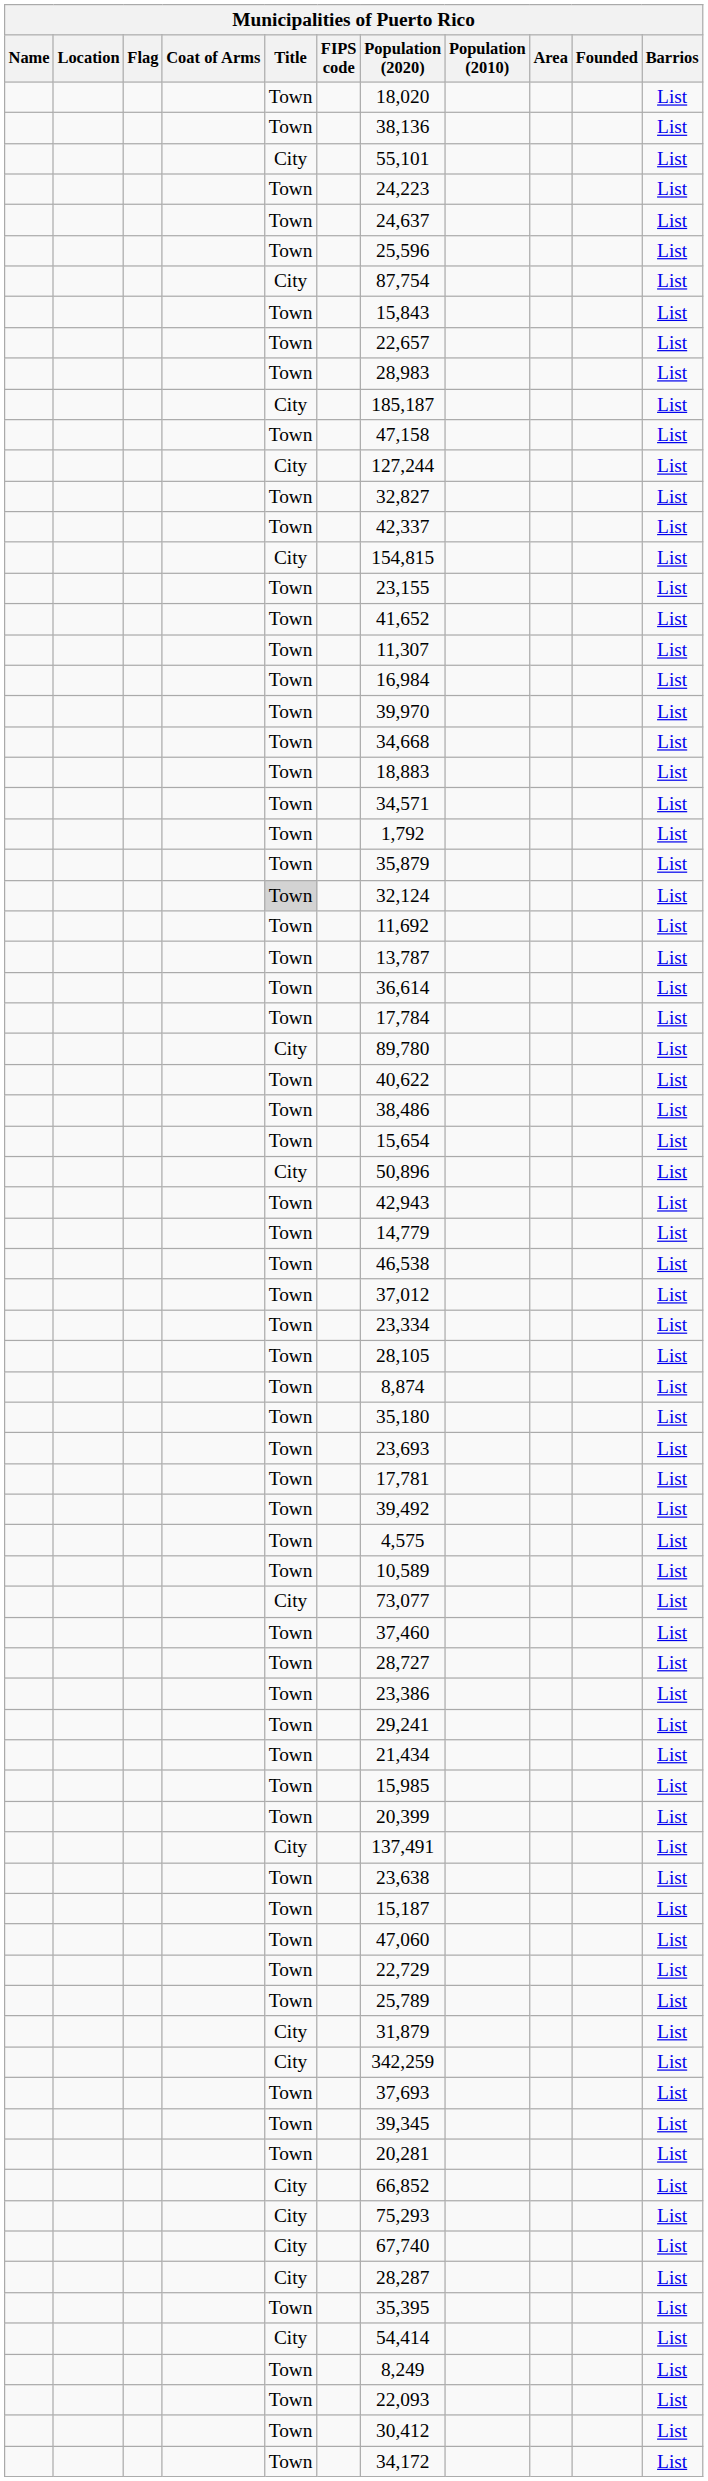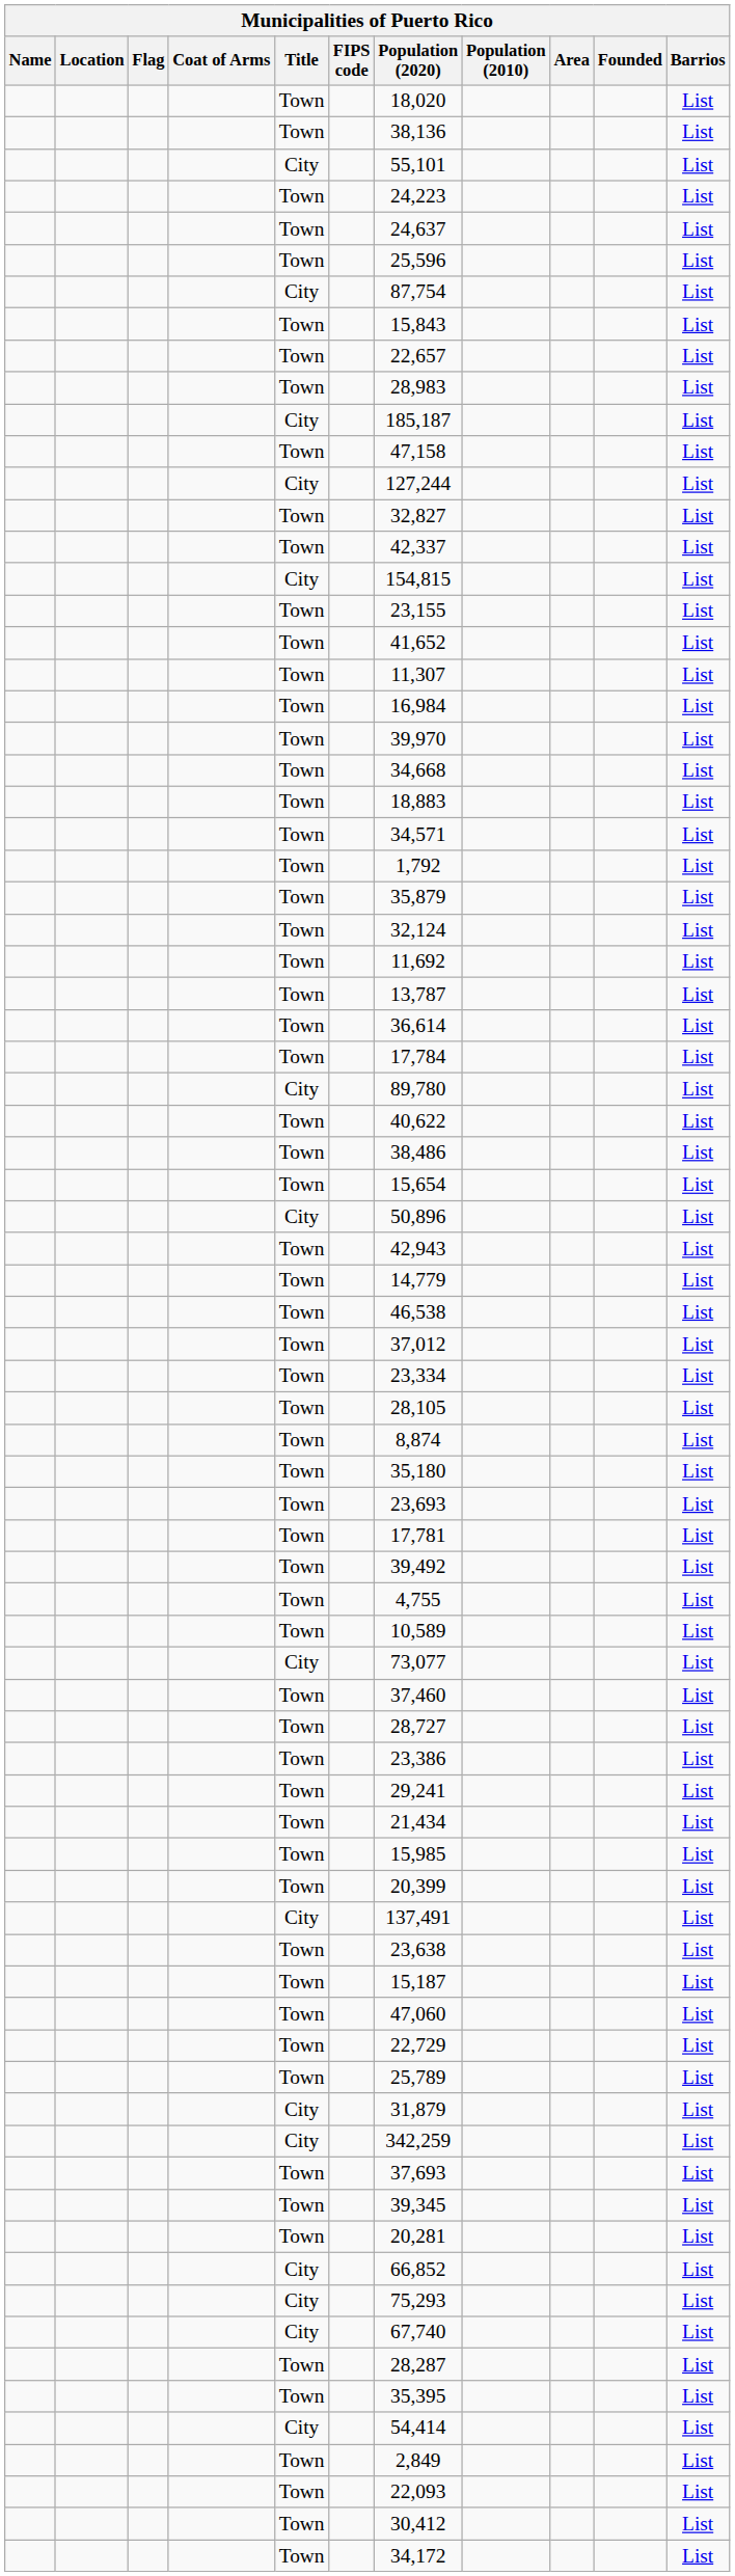 <table class="wikitable sortable" style="text-align:center">
 <tr>
 <th colspan=11>Municipalities of Puerto Rico</th>
 </tr>
 <tr>
 <th style="font-size: 85%">Name</th>
 <th style="font-size: 85%">Location</th>
 <th style="font-size: 85%">Flag</th>
 <th style="font-size: 85%">Coat of Arms</th>
 <th style="font-size: 85%">Title</th>
 <th ! style="font-size: 85%">FIPS<br>code</th>
 <th style="font-size: 85%">Population<br>(2020)</th>
 <th style="font-size: 85%">Population<br>(2010)</th>
 <th style="font-size: 85%">Area</th>
 <th style="font-size: 85%">Founded</th>
 <th style="font-size: 85%">Barrios</th>
 </tr>
 <tr>
 <td></td>
 <td></td>
 <td></td>
 <td></td>
 <td>Town</td>
 <td></td>
 <td>18,020</td>
 <td></td>
 <td></td>
 <td></td>
 <td><a href='#'>List</a></td>
 </tr>
 <tr>
 <td></td>
 <td></td>
 <td></td>
 <td></td>
 <td>Town</td>
 <td></td>
 <td>38,136</td>
 <td></td>
 <td></td>
 <td></td>
 <td><a href='#'>List</a></td>
 </tr>
 <tr>
 <td></td>
 <td></td>
 <td></td>
 <td></td>
 <td>City</td>
 <td></td>
 <td>55,101</td>
 <td></td>
 <td></td>
 <td></td>
 <td><a href='#'>List</a></td>
 </tr>
 <tr>
 <td></td>
 <td></td>
 <td></td>
 <td></td>
 <td>Town</td>
 <td></td>
 <td>24,223</td>
 <td></td>
 <td></td>
 <td></td>
 <td><a href='#'>List</a></td>
 </tr>
 <tr>
 <td></td>
 <td></td>
 <td></td>
 <td></td>
 <td>Town</td>
 <td></td>
 <td>24,637</td>
 <td></td>
 <td></td>
 <td></td>
 <td><a href='#'>List</a></td>
 </tr>
 <tr>
 <td></td>
 <td></td>
 <td></td>
 <td></td>
 <td>Town</td>
 <td></td>
 <td>25,596</td>
 <td></td>
 <td></td>
 <td></td>
 <td><a href='#'>List</a></td>
 </tr>
 <tr>
 <td></td>
 <td></td>
 <td></td>
 <td></td>
 <td>City</td>
 <td></td>
 <td>87,754</td>
 <td></td>
 <td></td>
 <td></td>
 <td><a href='#'>List</a></td>
 </tr>
 <tr>
 <td></td>
 <td></td>
 <td></td>
 <td></td>
 <td>Town</td>
 <td></td>
 <td>15,843</td>
 <td></td>
 <td></td>
 <td></td>
 <td><a href='#'>List</a></td>
 </tr>
 <tr>
 <td></td>
 <td></td>
 <td></td>
 <td></td>
 <td>Town</td>
 <td></td>
 <td>22,657</td>
 <td></td>
 <td></td>
 <td></td>
 <td><a href='#'>List</a></td>
 </tr>
 <tr>
 <td></td>
 <td></td>
 <td></td>
 <td></td>
 <td>Town</td>
 <td></td>
 <td>28,983</td>
 <td></td>
 <td></td>
 <td></td>
 <td><a href='#'>List</a></td>
 </tr>
 <tr>
 <td></td>
 <td></td>
 <td></td>
 <td></td>
 <td>City</td>
 <td></td>
 <td>185,187</td>
 <td></td>
 <td></td>
 <td></td>
 <td><a href='#'>List</a></td>
 </tr>
 <tr>
 <td></td>
 <td></td>
 <td></td>
 <td></td>
 <td>Town</td>
 <td></td>
 <td>47,158</td>
 <td></td>
 <td></td>
 <td></td>
 <td><a href='#'>List</a></td>
 </tr>
 <tr>
 <td></td>
 <td></td>
 <td></td>
 <td></td>
 <td>City</td>
 <td></td>
 <td>127,244</td>
 <td></td>
 <td></td>
 <td></td>
 <td><a href='#'>List</a></td>
 </tr>
 <tr>
 <td></td>
 <td></td>
 <td></td>
 <td></td>
 <td>Town</td>
 <td></td>
 <td>32,827</td>
 <td></td>
 <td></td>
 <td></td>
 <td><a href='#'>List</a></td>
 </tr>
 <tr>
 <td></td>
 <td></td>
 <td></td>
 <td></td>
 <td>Town</td>
 <td></td>
 <td>42,337</td>
 <td></td>
 <td></td>
 <td></td>
 <td><a href='#'>List</a></td>
 </tr>
 <tr>
 <td></td>
 <td></td>
 <td></td>
 <td></td>
 <td>City</td>
 <td></td>
 <td>154,815</td>
 <td></td>
 <td></td>
 <td></td>
 <td><a href='#'>List</a></td>
 </tr>
 <tr>
 <td></td>
 <td></td>
 <td></td>
 <td></td>
 <td>Town</td>
 <td></td>
 <td>23,155</td>
 <td></td>
 <td></td>
 <td></td>
 <td><a href='#'>List</a></td>
 </tr>
 <tr>
 <td></td>
 <td></td>
 <td></td>
 <td></td>
 <td>Town</td>
 <td></td>
 <td>41,652</td>
 <td></td>
 <td></td>
 <td></td>
 <td><a href='#'>List</a></td>
 </tr>
 <tr>
 <td></td>
 <td></td>
 <td></td>
 <td></td>
 <td>Town</td>
 <td></td>
 <td>11,307</td>
 <td></td>
 <td></td>
 <td></td>
 <td><a href='#'>List</a></td>
 </tr>
 <tr>
 <td></td>
 <td></td>
 <td></td>
 <td></td>
 <td>Town</td>
 <td></td>
 <td>16,984</td>
 <td></td>
 <td></td>
 <td></td>
 <td><a href='#'>List</a></td>
 </tr>
 <tr>
 <td></td>
 <td></td>
 <td></td>
 <td></td>
 <td>Town</td>
 <td></td>
 <td>39,970</td>
 <td></td>
 <td></td>
 <td></td>
 <td><a href='#'>List</a></td>
 </tr>
 <tr>
 <td></td>
 <td></td>
 <td></td>
 <td></td>
 <td>Town</td>
 <td></td>
 <td>34,668</td>
 <td></td>
 <td></td>
 <td></td>
 <td><a href='#'>List</a></td>
 </tr>
 <tr>
 <td></td>
 <td></td>
 <td></td>
 <td></td>
 <td>Town</td>
 <td></td>
 <td>18,883</td>
 <td></td>
 <td></td>
 <td></td>
 <td><a href='#'>List</a></td>
 </tr>
 <tr>
 <td></td>
 <td></td>
 <td></td>
 <td></td>
 <td>Town</td>
 <td></td>
 <td>34,571</td>
 <td></td>
 <td></td>
 <td></td>
 <td><a href='#'>List</a></td>
 </tr>
 <tr>
 <td></td>
 <td></td>
 <td></td>
 <td></td>
 <td>Town</td>
 <td></td>
 <td>1,792</td>
 <td></td>
 <td></td>
 <td></td>
 <td><a href='#'>List</a></td>
 </tr>
 <tr>
 <td></td>
 <td></td>
 <td></td>
 <td></td>
 <td>Town</td>
 <td></td>
 <td>35,879</td>
 <td></td>
 <td></td>
 <td></td>
 <td><a href='#'>List</a></td>
 </tr>
 <tr>
 <td></td>
 <td></td>
 <td></td>
 <td></td>
-<td style="background: lightgrey;">Town</td>
+<td>Town</td>
 <td></td>
 <td>32,124</td>
 <td></td>
 <td></td>
 <td></td>
 <td><a href='#'>List</a></td>
 </tr>
 <tr>
 <td></td>
 <td></td>
 <td></td>
 <td></td>
 <td>Town</td>
 <td></td>
 <td>11,692</td>
 <td></td>
 <td></td>
 <td></td>
 <td><a href='#'>List</a></td>
 </tr>
 <tr>
 <td></td>
 <td></td>
 <td></td>
 <td></td>
 <td>Town</td>
 <td></td>
 <td>13,787</td>
 <td></td>
 <td></td>
 <td></td>
 <td><a href='#'>List</a></td>
 </tr>
 <tr>
 <td></td>
 <td></td>
 <td></td>
 <td></td>
 <td>Town</td>
 <td></td>
 <td>36,614</td>
 <td></td>
 <td></td>
 <td></td>
 <td><a href='#'>List</a></td>
 </tr>
 <tr>
 <td></td>
 <td></td>
 <td></td>
 <td></td>
 <td>Town</td>
 <td></td>
 <td>17,784</td>
 <td></td>
 <td></td>
 <td></td>
 <td><a href='#'>List</a></td>
 </tr>
 <tr>
 <td></td>
 <td></td>
 <td></td>
 <td></td>
 <td>City</td>
 <td></td>
 <td>89,780</td>
 <td></td>
 <td></td>
 <td></td>
 <td><a href='#'>List</a></td>
 </tr>
 <tr>
 <td></td>
 <td></td>
 <td></td>
 <td></td>
 <td>Town</td>
 <td></td>
 <td>40,622</td>
 <td></td>
 <td></td>
 <td></td>
 <td><a href='#'>List</a></td>
 </tr>
 <tr>
 <td></td>
 <td></td>
 <td></td>
 <td></td>
 <td>Town</td>
 <td></td>
 <td>38,486</td>
 <td></td>
 <td></td>
 <td></td>
 <td><a href='#'>List</a></td>
 </tr>
 <tr>
 <td></td>
 <td></td>
 <td></td>
 <td></td>
 <td>Town</td>
 <td></td>
 <td>15,654</td>
 <td></td>
 <td></td>
 <td></td>
 <td><a href='#'>List</a></td>
 </tr>
 <tr>
 <td></td>
 <td></td>
 <td></td>
 <td></td>
 <td>City</td>
 <td></td>
 <td>50,896</td>
 <td></td>
 <td></td>
 <td></td>
 <td><a href='#'>List</a></td>
 </tr>
 <tr>
 <td></td>
 <td></td>
 <td></td>
 <td></td>
 <td>Town</td>
 <td></td>
 <td>42,943</td>
 <td></td>
 <td></td>
 <td></td>
 <td><a href='#'>List</a></td>
 </tr>
 <tr>
 <td></td>
 <td></td>
 <td></td>
 <td></td>
 <td>Town</td>
 <td></td>
 <td>14,779</td>
 <td></td>
 <td></td>
 <td></td>
 <td><a href='#'>List</a></td>
 </tr>
 <tr>
 <td></td>
 <td></td>
 <td></td>
 <td></td>
 <td>Town</td>
 <td></td>
 <td>46,538</td>
 <td></td>
 <td></td>
 <td></td>
 <td><a href='#'>List</a></td>
 </tr>
 <tr>
 <td></td>
 <td></td>
 <td></td>
 <td></td>
 <td>Town</td>
 <td></td>
 <td>37,012</td>
 <td></td>
 <td></td>
 <td></td>
 <td><a href='#'>List</a></td>
 </tr>
 <tr>
 <td></td>
 <td></td>
 <td></td>
 <td></td>
 <td>Town</td>
 <td></td>
 <td>23,334</td>
 <td></td>
 <td></td>
 <td></td>
 <td><a href='#'>List</a></td>
 </tr>
 <tr>
 <td></td>
 <td></td>
 <td></td>
 <td></td>
 <td>Town</td>
 <td></td>
 <td>28,105</td>
 <td></td>
 <td></td>
 <td></td>
 <td><a href='#'>List</a></td>
 </tr>
 <tr>
 <td></td>
 <td></td>
 <td></td>
 <td></td>
 <td>Town</td>
 <td></td>
 <td>8,874</td>
 <td></td>
 <td></td>
 <td></td>
 <td><a href='#'>List</a></td>
 </tr>
 <tr>
 <td></td>
 <td></td>
 <td></td>
 <td></td>
 <td>Town</td>
 <td></td>
 <td>35,180</td>
 <td></td>
 <td></td>
 <td></td>
 <td><a href='#'>List</a></td>
 </tr>
 <tr>
 <td></td>
 <td></td>
 <td></td>
 <td></td>
 <td>Town</td>
 <td></td>
 <td>23,693</td>
 <td></td>
 <td></td>
 <td></td>
 <td><a href='#'>List</a></td>
 </tr>
 <tr>
 <td></td>
 <td></td>
 <td></td>
 <td></td>
 <td>Town</td>
 <td></td>
 <td>17,781</td>
 <td></td>
 <td></td>
 <td></td>
 <td><a href='#'>List</a></td>
 </tr>
 <tr>
 <td></td>
 <td></td>
 <td></td>
 <td></td>
 <td>Town</td>
 <td></td>
 <td>39,492</td>
 <td></td>
 <td></td>
 <td></td>
 <td><a href='#'>List</a></td>
 </tr>
 <tr>
 <td></td>
 <td></td>
 <td></td>
 <td></td>
 <td>Town</td>
 <td></td>
-<td>4,575</td>
+<td>4,755</td>
 <td></td>
 <td></td>
 <td></td>
 <td><a href='#'>List</a></td>
 </tr>
 <tr>
 <td></td>
 <td></td>
 <td></td>
 <td></td>
 <td>Town</td>
 <td></td>
 <td>10,589</td>
 <td></td>
 <td></td>
 <td></td>
 <td><a href='#'>List</a></td>
 </tr>
 <tr>
 <td></td>
 <td></td>
 <td></td>
 <td></td>
 <td>City</td>
 <td></td>
 <td>73,077</td>
 <td></td>
 <td></td>
 <td></td>
 <td><a href='#'>List</a></td>
 </tr>
 <tr>
 <td></td>
 <td></td>
 <td></td>
 <td></td>
 <td>Town</td>
 <td></td>
 <td>37,460</td>
 <td></td>
 <td></td>
 <td></td>
 <td><a href='#'>List</a></td>
 </tr>
 <tr>
 <td></td>
 <td></td>
 <td></td>
 <td></td>
 <td>Town</td>
 <td></td>
 <td>28,727</td>
 <td></td>
 <td></td>
 <td></td>
 <td><a href='#'>List</a></td>
 </tr>
 <tr>
 <td></td>
 <td></td>
 <td></td>
 <td></td>
 <td>Town</td>
 <td></td>
 <td>23,386</td>
 <td></td>
 <td></td>
 <td></td>
 <td><a href='#'>List</a></td>
 </tr>
 <tr>
 <td></td>
 <td></td>
 <td></td>
 <td></td>
 <td>Town</td>
 <td></td>
 <td>29,241</td>
 <td></td>
 <td></td>
 <td></td>
 <td><a href='#'>List</a></td>
 </tr>
 <tr>
 <td></td>
 <td></td>
 <td></td>
 <td></td>
 <td>Town</td>
 <td></td>
 <td>21,434</td>
 <td></td>
 <td></td>
 <td></td>
 <td><a href='#'>List</a></td>
 </tr>
 <tr>
 <td></td>
 <td></td>
 <td></td>
 <td></td>
 <td>Town</td>
 <td></td>
 <td>15,985</td>
 <td></td>
 <td></td>
 <td></td>
 <td><a href='#'>List</a></td>
 </tr>
 <tr>
 <td></td>
 <td></td>
 <td></td>
 <td></td>
 <td>Town</td>
 <td></td>
 <td>20,399</td>
 <td></td>
 <td></td>
 <td></td>
 <td><a href='#'>List</a></td>
 </tr>
 <tr>
 <td></td>
 <td></td>
 <td></td>
 <td></td>
 <td>City</td>
 <td></td>
 <td>137,491</td>
 <td></td>
 <td></td>
 <td></td>
 <td><a href='#'>List</a></td>
 </tr>
 <tr>
 <td></td>
 <td></td>
 <td></td>
 <td></td>
 <td>Town</td>
 <td></td>
 <td>23,638</td>
 <td></td>
 <td></td>
 <td></td>
 <td><a href='#'>List</a></td>
 </tr>
 <tr>
 <td></td>
 <td></td>
 <td></td>
 <td></td>
 <td>Town</td>
 <td></td>
 <td>15,187</td>
 <td></td>
 <td></td>
 <td></td>
 <td><a href='#'>List</a></td>
 </tr>
 <tr>
 <td></td>
 <td></td>
 <td></td>
 <td></td>
 <td>Town</td>
 <td></td>
 <td>47,060</td>
 <td></td>
 <td></td>
 <td></td>
 <td><a href='#'>List</a></td>
 </tr>
 <tr>
 <td></td>
 <td></td>
 <td></td>
 <td></td>
 <td>Town</td>
 <td></td>
 <td>22,729</td>
 <td></td>
 <td></td>
 <td></td>
 <td><a href='#'>List</a></td>
 </tr>
 <tr>
 <td></td>
 <td></td>
 <td></td>
 <td></td>
 <td>Town</td>
 <td></td>
 <td>25,789</td>
 <td></td>
 <td></td>
 <td></td>
 <td><a href='#'>List</a></td>
 </tr>
 <tr>
 <td></td>
 <td></td>
 <td></td>
 <td></td>
 <td>City</td>
 <td></td>
 <td>31,879</td>
 <td></td>
 <td></td>
 <td></td>
 <td><a href='#'>List</a></td>
 </tr>
 <tr>
 <td></td>
 <td></td>
 <td></td>
 <td></td>
 <td>City</td>
 <td></td>
 <td>342,259</td>
 <td></td>
 <td></td>
 <td></td>
 <td><a href='#'>List</a></td>
 </tr>
 <tr>
 <td></td>
 <td></td>
 <td></td>
 <td></td>
 <td>Town</td>
 <td></td>
 <td>37,693</td>
 <td></td>
 <td></td>
 <td></td>
 <td><a href='#'>List</a></td>
 </tr>
 <tr>
 <td></td>
 <td></td>
 <td></td>
 <td></td>
 <td>Town</td>
 <td></td>
 <td>39,345</td>
 <td></td>
 <td></td>
 <td></td>
 <td><a href='#'>List</a></td>
 </tr>
 <tr>
 <td></td>
 <td></td>
 <td></td>
 <td></td>
 <td>Town</td>
 <td></td>
 <td>20,281</td>
 <td></td>
 <td></td>
 <td></td>
 <td><a href='#'>List</a></td>
 </tr>
 <tr>
 <td></td>
 <td></td>
 <td></td>
 <td></td>
 <td>City</td>
 <td></td>
 <td>66,852</td>
 <td></td>
 <td></td>
 <td></td>
 <td><a href='#'>List</a></td>
 </tr>
 <tr>
 <td></td>
 <td></td>
 <td></td>
 <td></td>
 <td>City</td>
 <td></td>
 <td>75,293</td>
 <td></td>
 <td></td>
 <td></td>
 <td><a href='#'>List</a></td>
 </tr>
 <tr>
 <td></td>
 <td></td>
 <td></td>
 <td></td>
 <td>City</td>
 <td></td>
 <td>67,740</td>
 <td></td>
 <td></td>
 <td></td>
 <td><a href='#'>List</a></td>
 </tr>
 <tr>
 <td></td>
 <td></td>
 <td></td>
 <td></td>
-<td>City</td>
+<td>Town</td>
 <td></td>
 <td>28,287</td>
 <td></td>
 <td></td>
 <td></td>
 <td><a href='#'>List</a></td>
 </tr>
 <tr>
 <td></td>
 <td></td>
 <td></td>
 <td></td>
 <td>Town</td>
 <td></td>
 <td>35,395</td>
 <td></td>
 <td></td>
 <td></td>
 <td><a href='#'>List</a></td>
 </tr>
 <tr>
 <td></td>
 <td></td>
 <td></td>
 <td></td>
 <td>City</td>
 <td></td>
 <td>54,414</td>
 <td></td>
 <td></td>
 <td></td>
 <td><a href='#'>List</a></td>
 </tr>
 <tr>
 <td></td>
 <td></td>
 <td></td>
 <td></td>
 <td>Town</td>
 <td></td>
-<td>8,249</td>
+<td>2,849</td>
 <td></td>
 <td></td>
 <td></td>
 <td><a href='#'>List</a></td>
 </tr>
 <tr>
 <td></td>
 <td></td>
 <td></td>
 <td></td>
 <td>Town</td>
 <td></td>
 <td>22,093</td>
 <td></td>
 <td></td>
 <td></td>
 <td><a href='#'>List</a></td>
 </tr>
 <tr>
 <td></td>
 <td></td>
 <td></td>
 <td></td>
 <td>Town</td>
 <td></td>
 <td>30,412</td>
 <td></td>
 <td></td>
 <td></td>
 <td><a href='#'>List</a></td>
 </tr>
 <tr>
 <td></td>
 <td></td>
 <td></td>
 <td></td>
 <td>Town</td>
 <td></td>
 <td>34,172</td>
 <td></td>
 <td></td>
 <td></td>
 <td><a href='#'>List</a></td>
 </tr>
 </table>
